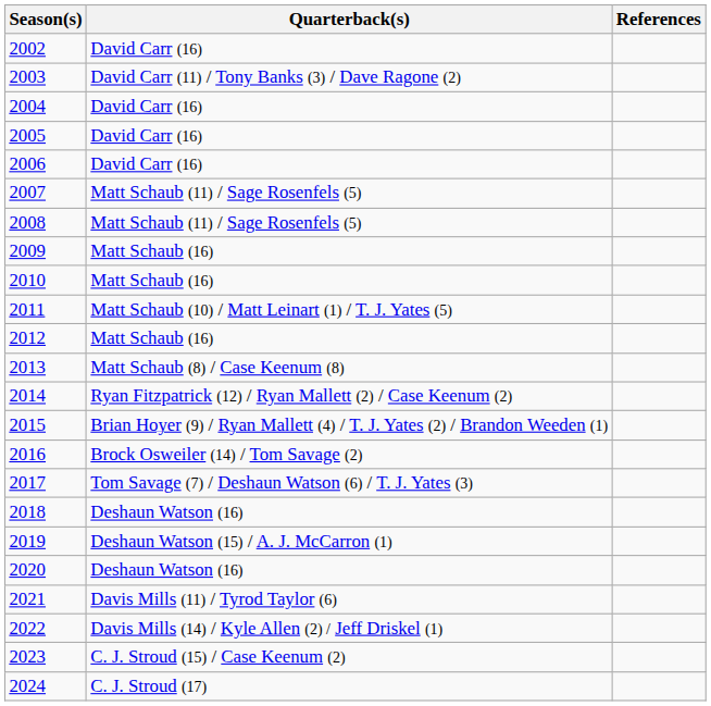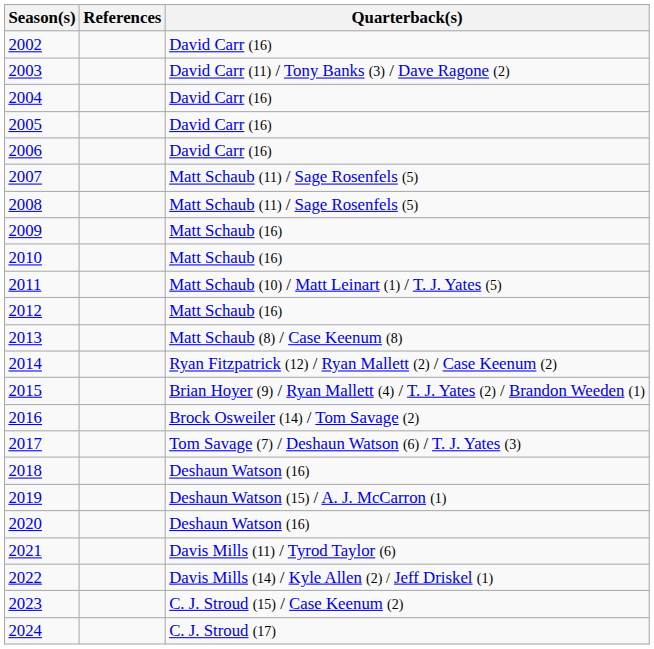 <table class="wikitable">
 <tr>
 <th>Season(s)</th>
+<th>References</th>
 <th>Quarterback(s)</th>
-<th>References</th>
 </tr>
 <tr>
 <td><a href='#'>2002</a></td>
+<td style="text-align:center"></td>
 <td><a href='#'>David Carr</a> <small>(16)</small></td>
-<td style="text-align:center"></td>
 </tr>
 <tr>
 <td><a href='#'>2003</a></td>
+<td style="text-align:center"></td>
 <td><a href='#'>David Carr</a> <small>(11)</small> / <a href='#'>Tony Banks</a> <small>(3)</small> / <a href='#'>Dave Ragone</a> <small>(2)</small></td>
-<td style="text-align:center"></td>
 </tr>
 <tr>
 <td><a href='#'>2004</a></td>
+<td style="text-align:center"></td>
 <td><a href='#'>David Carr</a> <small>(16)</small></td>
-<td style="text-align:center"></td>
 </tr>
 <tr>
 <td><a href='#'>2005</a></td>
+<td style="text-align:center"></td>
 <td><a href='#'>David Carr</a> <small>(16)</small></td>
-<td style="text-align:center"></td>
 </tr>
 <tr>
 <td><a href='#'>2006</a></td>
+<td style="text-align:center"></td>
 <td><a href='#'>David Carr</a> <small>(16)</small></td>
-<td style="text-align:center"></td>
 </tr>
 <tr>
 <td><a href='#'>2007</a></td>
+<td style="text-align:center"></td>
 <td><a href='#'>Matt Schaub</a> <small>(11)</small> / <a href='#'>Sage Rosenfels</a> <small>(5)</small></td>
-<td style="text-align:center"></td>
 </tr>
 <tr>
 <td><a href='#'>2008</a></td>
+<td style="text-align:center"></td>
 <td><a href='#'>Matt Schaub</a> <small>(11)</small> / <a href='#'>Sage Rosenfels</a> <small>(5)</small></td>
-<td style="text-align:center"></td>
 </tr>
 <tr>
 <td><a href='#'>2009</a></td>
+<td style="text-align:center"></td>
 <td><a href='#'>Matt Schaub</a> <small>(16)</small></td>
-<td style="text-align:center"></td>
 </tr>
 <tr>
 <td><a href='#'>2010</a></td>
+<td style="text-align:center"></td>
 <td><a href='#'>Matt Schaub</a> <small>(16)</small></td>
-<td style="text-align:center"></td>
 </tr>
 <tr>
 <td><a href='#'>2011</a></td>
+<td style="text-align:center"></td>
 <td><a href='#'>Matt Schaub</a> <small>(10)</small> / <a href='#'>Matt Leinart</a> <small>(1)</small> / <a href='#'>T. J. Yates</a> <small>(5)</small></td>
-<td style="text-align:center"></td>
 </tr>
 <tr>
 <td><a href='#'>2012</a></td>
+<td style="text-align:center"></td>
 <td><a href='#'>Matt Schaub</a> <small>(16)</small></td>
-<td style="text-align:center"></td>
 </tr>
 <tr>
 <td><a href='#'>2013</a></td>
+<td style="text-align:center"></td>
 <td><a href='#'>Matt Schaub</a> <small>(8)</small> / <a href='#'>Case Keenum</a> <small>(8)</small></td>
-<td style="text-align:center"></td>
 </tr>
 <tr>
 <td><a href='#'>2014</a></td>
+<td style="text-align:center"></td>
 <td><a href='#'>Ryan Fitzpatrick</a> <small>(12)</small> / <a href='#'>Ryan Mallett</a> <small>(2)</small> / <a href='#'>Case Keenum</a> <small>(2)</small></td>
-<td style="text-align:center"></td>
 </tr>
 <tr>
 <td><a href='#'>2015</a></td>
+<td style="text-align:center"></td>
 <td><a href='#'>Brian Hoyer</a> <small>(9)</small> / <a href='#'>Ryan Mallett</a> <small>(4)</small> / <a href='#'>T. J. Yates</a> <small>(2)</small> / <a href='#'>Brandon Weeden</a> <small>(1)</small></td>
-<td style="text-align:center"></td>
 </tr>
 <tr>
 <td><a href='#'>2016</a></td>
+<td style="text-align:center"></td>
 <td><a href='#'>Brock Osweiler</a> <small>(14)</small> / <a href='#'>Tom Savage</a> <small>(2)</small></td>
-<td style="text-align:center"></td>
 </tr>
 <tr>
 <td><a href='#'>2017</a></td>
+<td style="text-align:center"></td>
 <td><a href='#'>Tom Savage</a> <small>(7)</small> / <a href='#'>Deshaun Watson</a> <small>(6)</small> / <a href='#'>T. J. Yates</a> <small>(3)</small></td>
-<td style="text-align:center"></td>
 </tr>
 <tr>
 <td><a href='#'>2018</a></td>
+<td style="text-align:center"></td>
 <td><a href='#'>Deshaun Watson</a> <small>(16)</small></td>
-<td style="text-align:center"></td>
 </tr>
 <tr>
 <td><a href='#'>2019</a></td>
+<td style="text-align:center"></td>
 <td><a href='#'>Deshaun Watson</a> <small>(15)</small> / <a href='#'>A. J. McCarron</a> <small>(1)</small></td>
-<td style="text-align:center"></td>
 </tr>
 <tr>
 <td><a href='#'>2020</a></td>
+<td style="text-align:center"></td>
 <td><a href='#'>Deshaun Watson</a> <small>(16)</small></td>
-<td style="text-align:center"></td>
 </tr>
 <tr>
 <td><a href='#'>2021</a></td>
+<td style="text-align:center"></td>
 <td><a href='#'>Davis Mills</a> <small>(11)</small> / <a href='#'>Tyrod Taylor</a> <small>(6)</small></td>
-<td style="text-align:center"></td>
 </tr>
 <tr>
 <td><a href='#'>2022</a></td>
+<td style="text-align:center"></td>
 <td><a href='#'>Davis Mills</a> <small>(14)</small> / <a href='#'>Kyle Allen</a> <small>(2) /</small> <a href='#'>Jeff Driskel</a> <small>(1)</small></td>
-<td style="text-align:center"></td>
 </tr>
 <tr>
 <td><a href='#'>2023</a></td>
+<td style="text-align:center"></td>
 <td><a href='#'>C. J. Stroud</a> <small>(15)</small> / <a href='#'>Case Keenum</a> <small>(2)</small></td>
-<td style="text-align:center"></td>
 </tr>
 <tr>
 <td><a href='#'>2024</a></td>
+<td style="text-align:center"></td>
 <td><a href='#'>C. J. Stroud</a> <small>(17)</small></td>
-<td style="text-align:center"></td>
 </tr>
 </table>
